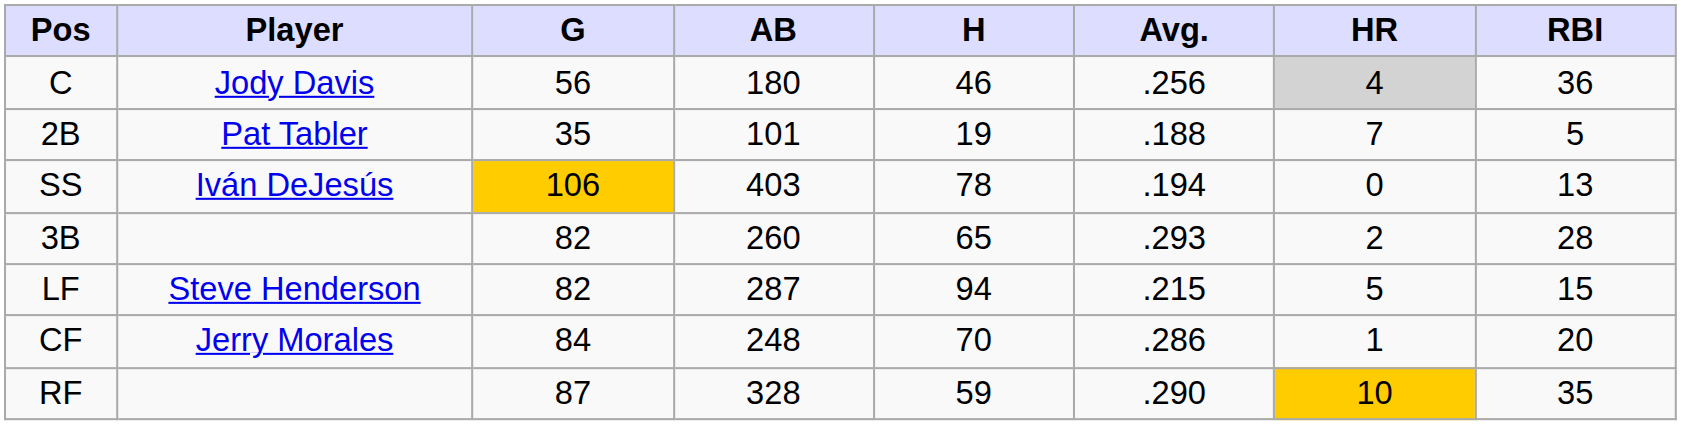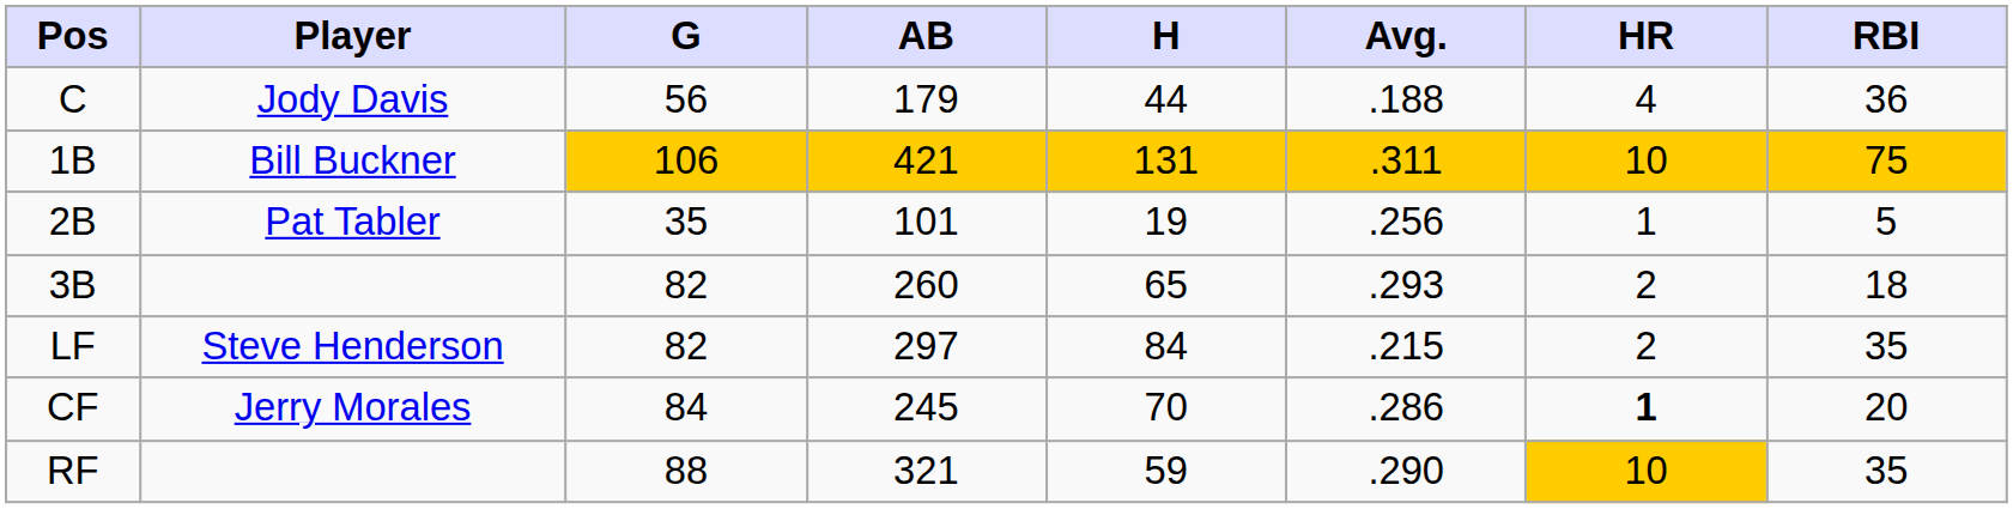 <table class="wikitable sortable">
 <tr>
 <th style="background:#ddf; width:5%;">Pos</th>
 <th style="background:#ddf; width:16%;">Player</th>
 <th style="background:#ddf; width:9%;">G</th>
 <th style="background:#ddf; width:9%;">AB</th>
 <th style="background:#ddf; width:9%;">H</th>
 <th style="background:#ddf; width:9%;">Avg.</th>
 <th style="background:#ddf; width:9%;">HR</th>
 <th style="background:#ddf; width:9%;">RBI</th>
 </tr>
 <tr style="text-align:center;">
 <td>C</td>
 <td><a href='#'>Jody Davis</a></td>
 <td>56</td>
-<td>180</td>
-<td>46</td>
-<td>.256</td>
-<td style="background: lightgrey;">4</td>
+<td>179</td>
+<td>44</td>
+<td>.188</td>
+<td>4</td>
 <td>36</td>
+</tr>
+<tr align=center>
+<td>1B</td>
+<td><a href='#'>Bill Buckner</a></td>
+<td style="background:#fc0;">106</td>
+<td style="background:#fc0;">421</td>
+<td style="background:#fc0;">131</td>
+<td style="background:#fc0;">.311</td>
+<td style="background:#fc0;">10</td>
+<td style="background:#fc0;">75</td>
 </tr>
 <tr align=center>
 <td>2B</td>
 <td><a href='#'>Pat Tabler</a></td>
 <td>35</td>
 <td>101</td>
 <td>19</td>
-<td>.188</td>
-<td>7</td>
+<td>.256</td>
+<td>1</td>
 <td>5</td>
-</tr>
-<tr align=center>
-<td>SS</td>
-<td><a href='#'>Iván DeJesús</a></td>
-<td style="background:#fc0;">106</td>
-<td>403</td>
-<td>78</td>
-<td>.194</td>
-<td>0</td>
-<td>13</td>
 </tr>
 <tr align=center>
 <td>3B</td>
 <td></td>
 <td>82</td>
 <td>260</td>
 <td>65</td>
 <td>.293</td>
 <td>2</td>
-<td>28</td>
+<td>18</td>
 </tr>
 <tr style="text-align:center;">
 <td>LF</td>
 <td><a href='#'>Steve Henderson</a></td>
 <td>82</td>
-<td>287</td>
-<td>94</td>
+<td>297</td>
+<td>84</td>
 <td>.215</td>
-<td>5</td>
-<td>15</td>
+<td>2</td>
+<td>35</td>
 </tr>
 <tr align=center>
 <td>CF</td>
 <td><a href='#'>Jerry Morales</a></td>
 <td>84</td>
-<td>248</td>
+<td>245</td>
 <td>70</td>
 <td>.286</td>
-<td>1</td>
+<td><strong>1</strong></td>
 <td>20</td>
 </tr>
 <tr align=center>
 <td>RF</td>
 <td></td>
-<td>87</td>
-<td>328</td>
+<td>88</td>
+<td>321</td>
 <td>59</td>
 <td>.290</td>
 <td style="background:#fc0;">10</td>
 <td>35</td>
 </tr>
 </table>
